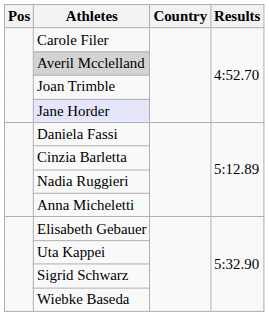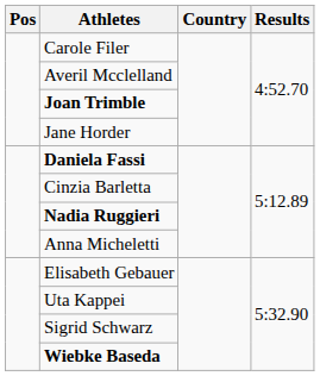 <table class="wikitable">
 <tr>
 <th>Pos</th>
 <th>Athletes</th>
 <th>Country</th>
 <th>Results</th>
 </tr>
 <tr>
 <td rowspan="4"></td>
 <td>Carole Filer</td>
 <td rowspan="4"></td>
 <td rowspan="4">4:52.70</td>
 </tr>
 <tr>
-<td style="background: lightgrey;">Averil Mcclelland</td>
+<td>Averil Mcclelland</td>
 </tr>
 <tr>
-<td>Joan Trimble</td>
+<td><strong>Joan Trimble</strong></td>
 </tr>
 <tr>
-<td style="background: lavender;">Jane Horder</td>
+<td>Jane Horder</td>
 </tr>
 <tr>
 <td rowspan="4"></td>
-<td>Daniela Fassi</td>
+<td><strong>Daniela Fassi</strong></td>
 <td rowspan="4"></td>
 <td rowspan="4">5:12.89</td>
 </tr>
 <tr>
 <td>Cinzia Barletta</td>
 </tr>
 <tr>
-<td>Nadia Ruggieri</td>
+<td><strong>Nadia Ruggieri</strong></td>
 </tr>
 <tr>
 <td>Anna Micheletti</td>
 </tr>
 <tr>
 <td rowspan="4"></td>
 <td>Elisabeth Gebauer</td>
 <td rowspan="4"></td>
 <td rowspan="4">5:32.90</td>
 </tr>
 <tr>
 <td>Uta Kappei</td>
 </tr>
 <tr>
 <td>Sigrid Schwarz</td>
 </tr>
 <tr>
-<td>Wiebke Baseda</td>
+<td><strong>Wiebke Baseda</strong></td>
 </tr>
 </table>
